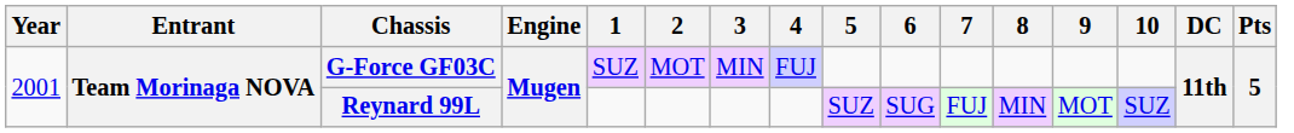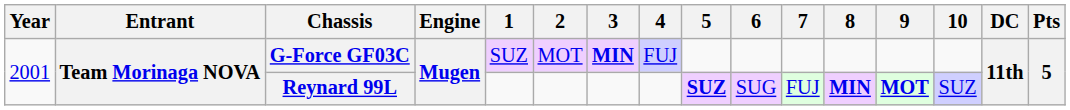 <table class="wikitable" style="text-align:center; font-size:90%">
 <tr>
 <th>Year</th>
 <th>Entrant</th>
 <th>Chassis</th>
 <th>Engine</th>
 <th>1</th>
 <th>2</th>
 <th>3</th>
 <th>4</th>
 <th>5</th>
 <th>6</th>
 <th>7</th>
 <th>8</th>
 <th>9</th>
 <th>10</th>
 <th>DC</th>
 <th>Pts</th>
 </tr>
 <tr>
 <td rowspan=2><a href='#'>2001</a></td>
 <th rowspan=2>Team <a href='#'>Morinaga</a> NOVA</th>
 <th><a href='#'>G-Force GF03C</a></th>
 <th rowspan=2><a href='#'>Mugen</a></th>
 <td style="background:#EFCFFF;"><a href='#'>SUZ</a><br></td>
 <td style="background:#EFCFFF;"><a href='#'>MOT</a><br></td>
-<td style="background:#EFCFFF;"><a href='#'>MIN</a><br></td>
+<td style="background:#EFCFFF;"><strong><a href='#'>MIN</a><br></strong></td>
 <td style="background:#CFCFFF;"><a href='#'>FUJ</a><br></td>
 <td></td>
 <td></td>
 <td></td>
 <td></td>
 <td></td>
 <td></td>
 <th rowspan=2>11th</th>
 <th rowspan=2>5</th>
 </tr>
 <tr>
 <th><a href='#'>Reynard 99L</a></th>
 <td></td>
 <td></td>
 <td></td>
 <td></td>
-<td style="background:#EFCFFF;"><a href='#'>SUZ</a><br></td>
+<td style="background:#EFCFFF;"><strong><a href='#'>SUZ</a><br></strong></td>
 <td style="background:#EFCFFF;"><a href='#'>SUG</a><br></td>
 <td style="background:#DFFFDF;"><a href='#'>FUJ</a><br></td>
-<td style="background:#EFCFFF;"><a href='#'>MIN</a><br></td>
-<td style="background:#DFFFDF;"><a href='#'>MOT</a><br></td>
+<td style="background:#EFCFFF;"><strong><a href='#'>MIN</a><br></strong></td>
+<td style="background:#DFFFDF;"><strong><a href='#'>MOT</a><br></strong></td>
 <td style="background:#CFCFFF;"><a href='#'>SUZ</a><br></td>
 </tr>
 </table>
